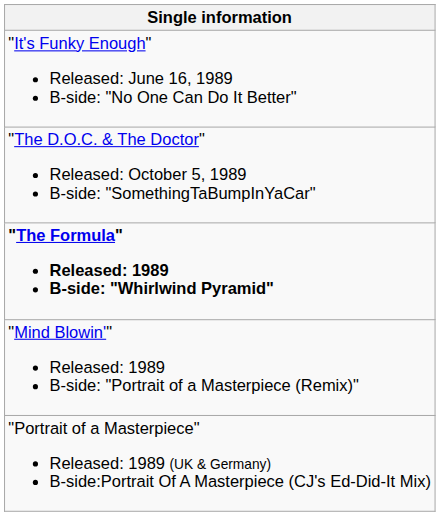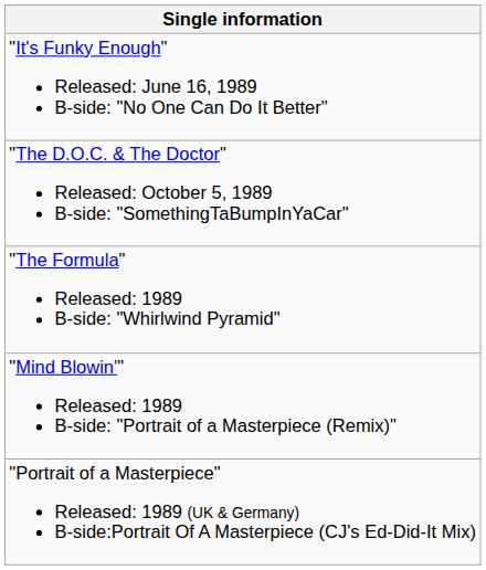 <table class="wikitable">
 <tr>
 <th>Single information</th>
 </tr>
 <tr>
 <td style="text-align:left">"<a href='#'>It's Funky Enough</a>"<br><ul><li>Released: June 16, 1989</li><li>B-side: "No One Can Do It Better"</li></ul></td>
 </tr>
 <tr>
 <td style="text-align:left">"<a href='#'>The D.O.C. & The Doctor</a>"<br><ul><li>Released: October 5, 1989</li><li>B-side: "SomethingTaBumpInYaCar"</li></ul></td>
 </tr>
 <tr>
-<td style="text-align:left"><strong>"<a href='#'>The Formula</a>"<br><ul><li>Released: 1989</li><li>B-side: "Whirlwind Pyramid"</li></ul></strong></td>
+<td style="text-align:left">"<a href='#'>The Formula</a>"<br><ul><li>Released: 1989</li><li>B-side: "Whirlwind Pyramid"</li></ul></td>
 </tr>
 <tr>
 <td style="text-align:left">"<a href='#'>Mind Blowin'</a>"<br><ul><li>Released: 1989</li><li>B-side: "Portrait of a Masterpiece (Remix)"</li></ul></td>
 </tr>
 <tr>
 <td style="text-align:left">"Portrait of a Masterpiece"<br><ul><li>Released: 1989 <small>(UK & Germany)</small></li><li>B-side:Portrait Of A Masterpiece (CJ's Ed-Did-It Mix)</li></ul></td>
 </tr>
 </table>
